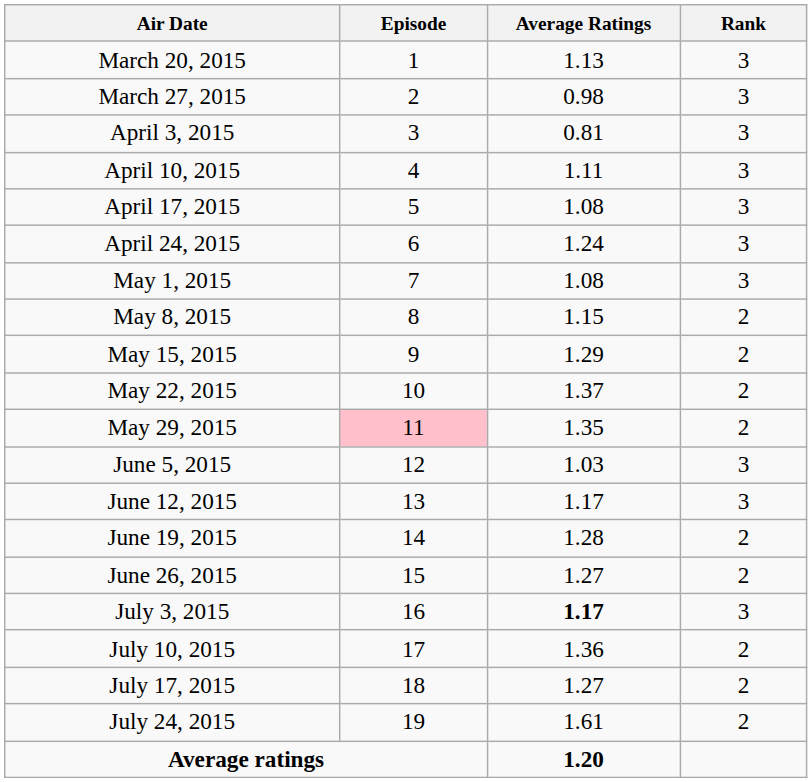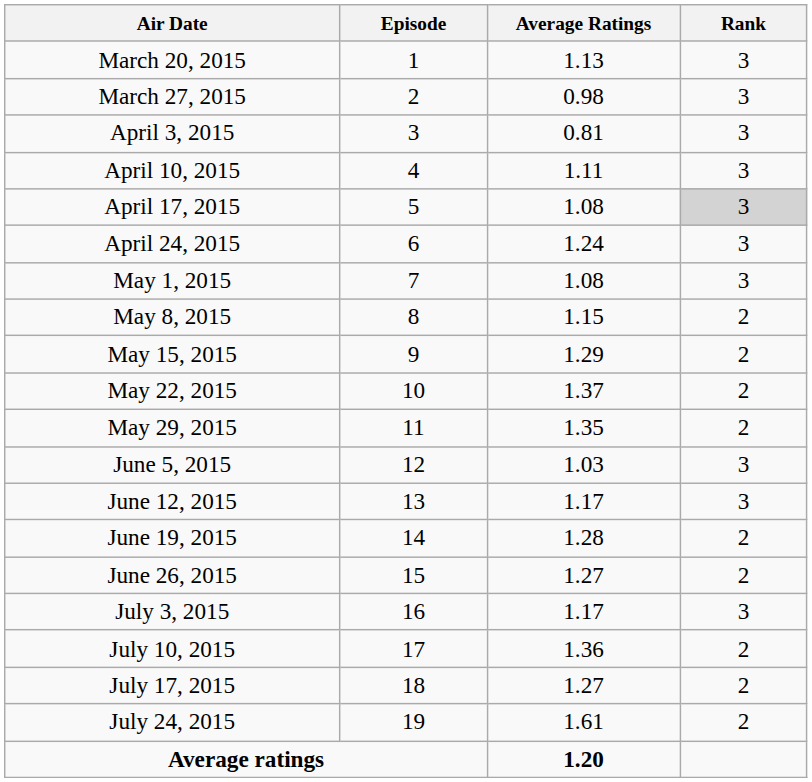 <table class="wikitable" style="text-align:center;width:35%;">
 <tr>
 <th width="15%"><small><strong>Air Date</strong></small></th>
 <th width="5%"><small><strong>Episode</strong></small></th>
 <th width="8%"><small><strong>Average Ratings</strong></small></th>
 <th width="5%"><small><strong>Rank</strong></small></th>
 </tr>
 <tr>
 <td>March 20, 2015</td>
 <td>1</td>
 <td>1.13</td>
 <td>3</td>
 </tr>
 <tr>
 <td>March 27, 2015</td>
 <td>2</td>
 <td>0.98</td>
 <td>3</td>
 </tr>
 <tr>
 <td>April 3, 2015</td>
 <td>3</td>
 <td>0.81</td>
 <td>3</td>
 </tr>
 <tr>
 <td>April 10, 2015</td>
 <td>4</td>
 <td>1.11</td>
 <td>3</td>
 </tr>
 <tr>
 <td>April 17, 2015</td>
 <td>5</td>
 <td>1.08</td>
-<td>3</td>
+<td style="background: lightgrey;">3</td>
 </tr>
 <tr>
 <td>April 24, 2015</td>
 <td>6</td>
 <td>1.24</td>
 <td>3</td>
 </tr>
 <tr>
 <td>May 1, 2015</td>
 <td>7</td>
 <td>1.08</td>
 <td>3</td>
 </tr>
 <tr>
 <td>May 8, 2015</td>
 <td>8</td>
 <td>1.15</td>
 <td>2</td>
 </tr>
 <tr>
 <td>May 15, 2015</td>
 <td>9</td>
 <td>1.29</td>
 <td>2</td>
 </tr>
 <tr>
 <td>May 22, 2015</td>
 <td>10</td>
 <td>1.37</td>
 <td>2</td>
 </tr>
 <tr>
 <td>May 29, 2015</td>
-<td style="background: pink;">11</td>
+<td>11</td>
 <td>1.35</td>
 <td>2</td>
 </tr>
 <tr>
 <td>June 5, 2015</td>
 <td>12</td>
 <td>1.03</td>
 <td>3</td>
 </tr>
 <tr>
 <td>June 12, 2015</td>
 <td>13</td>
 <td>1.17</td>
 <td>3</td>
 </tr>
 <tr>
 <td>June 19, 2015</td>
 <td>14</td>
 <td>1.28</td>
 <td>2</td>
 </tr>
 <tr>
 <td>June 26, 2015</td>
 <td>15</td>
 <td>1.27</td>
 <td>2</td>
 </tr>
 <tr>
 <td>July 3, 2015</td>
 <td>16</td>
-<td><strong>1.17</strong></td>
+<td>1.17</td>
 <td>3</td>
 </tr>
 <tr>
 <td>July 10, 2015</td>
 <td>17</td>
 <td>1.36</td>
 <td>2</td>
 </tr>
 <tr>
 <td>July 17, 2015</td>
 <td>18</td>
 <td>1.27</td>
 <td>2</td>
 </tr>
 <tr>
 <td>July 24, 2015</td>
 <td>19</td>
 <td>1.61</td>
 <td>2</td>
 </tr>
 <tr>
 <td colspan=2><strong>Average ratings</strong></td>
 <td><strong>1.20</strong></td>
 <td></td>
 </tr>
 <tr>
 </tr>
 </table>
